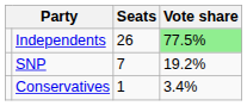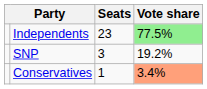 <table class="wikitable">
 <tr>
 <th scope="col"; colspan="2">Party</th>
 <th scope="col">Seats</th>
 <th scope="col">Vote share</th>
 </tr>
 <tr>
 <td style="background-color: "></td>
 <td scope="row"><a href='#'>Independents</a></td>
-<td>26</td>
+<td>23</td>
 <td style="background: lightgreen;">77.5%</td>
 </tr>
 <tr>
 <td style="background-color: "></td>
 <td scope="row"><a href='#'>SNP</a></td>
-<td>7</td>
+<td>3</td>
 <td>19.2%</td>
 </tr>
 <tr>
 <td style="background-color: "></td>
 <td scope="row"><a href='#'>Conservatives</a></td>
 <td>1</td>
-<td>3.4%</td>
+<td style="background: lightsalmon;">3.4%</td>
 </tr>
 </table>
